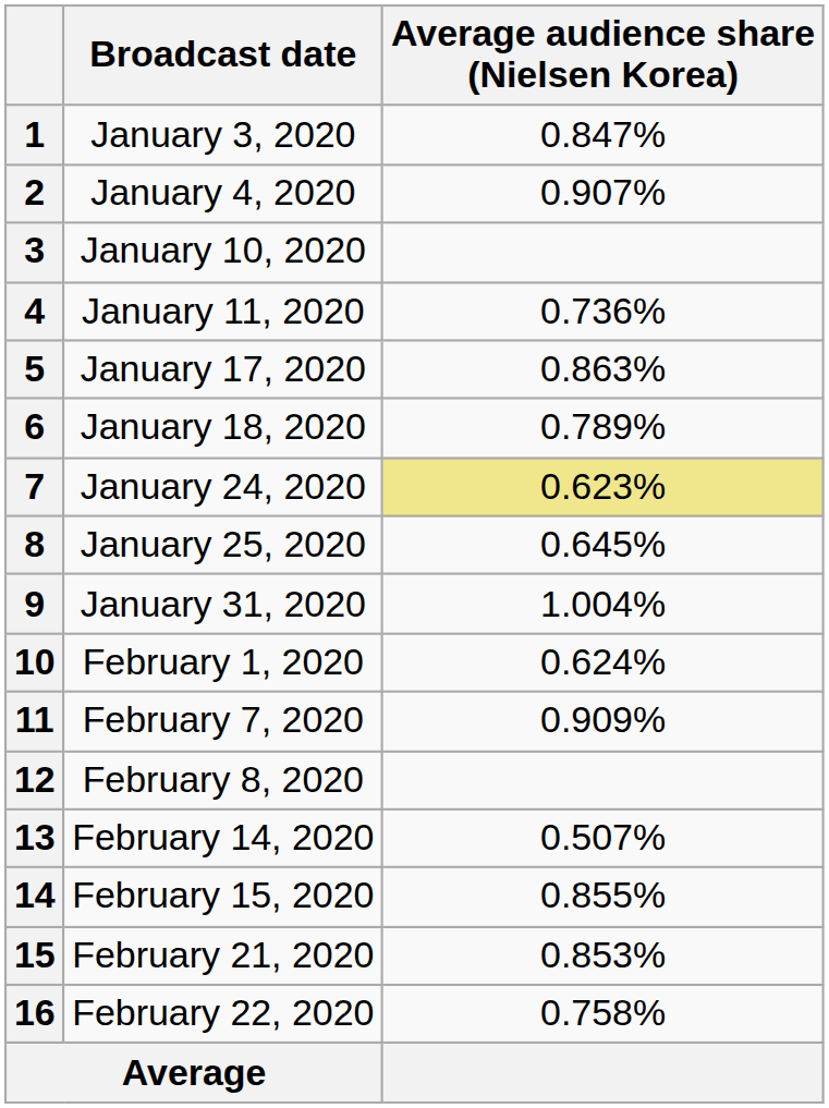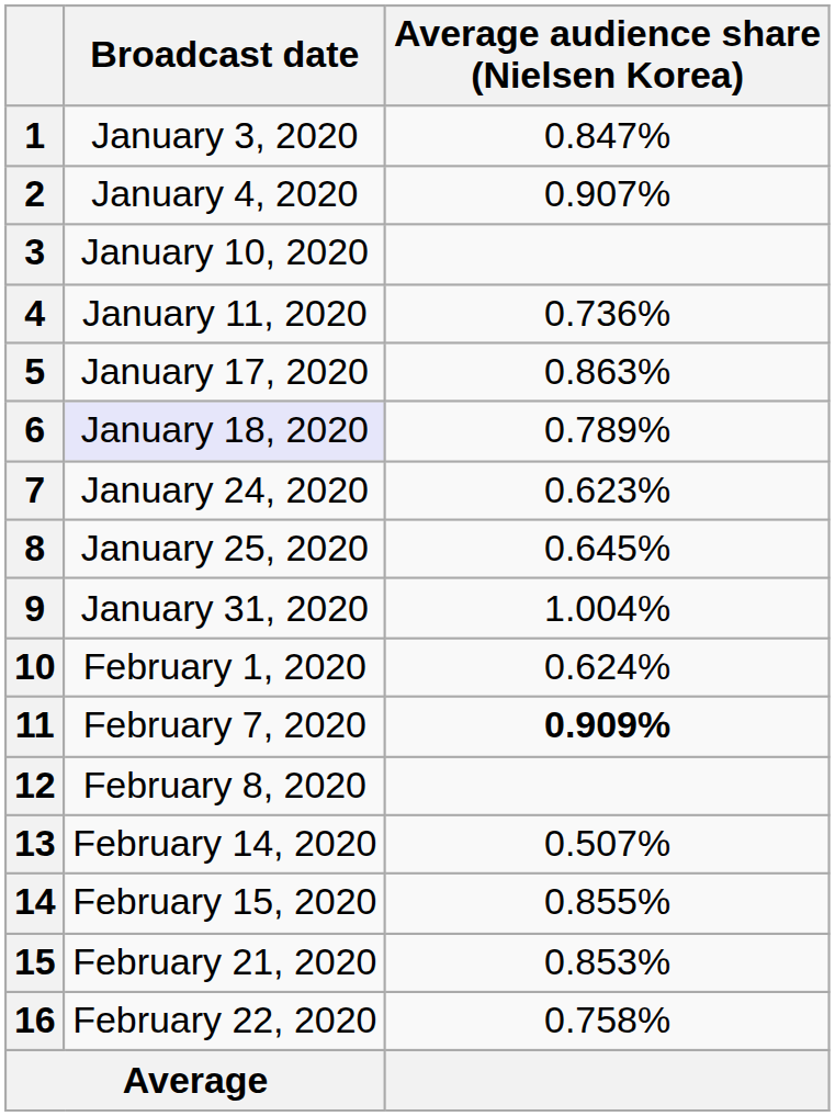 <table class="wikitable" style="text-align:center">
 <tr>
 <th></th>
 <th>Broadcast date</th>
 <th>Average audience share<br>(Nielsen Korea)</th>
 </tr>
 <tr>
 <th>1</th>
 <td>January 3, 2020</td>
 <td>0.847%</td>
 </tr>
 <tr>
 <th>2</th>
 <td>January 4, 2020</td>
 <td>0.907%</td>
 </tr>
 <tr>
 <th>3</th>
 <td>January 10, 2020</td>
 <td></td>
 </tr>
 <tr>
 <th>4</th>
 <td>January 11, 2020</td>
 <td>0.736%</td>
 </tr>
 <tr>
 <th>5</th>
 <td>January 17, 2020</td>
 <td>0.863%</td>
 </tr>
 <tr>
 <th>6</th>
-<td>January 18, 2020</td>
+<td style="background: lavender;">January 18, 2020</td>
 <td>0.789%</td>
 </tr>
 <tr>
 <th>7</th>
 <td>January 24, 2020</td>
-<td style="background: khaki;">0.623%</td>
+<td>0.623%</td>
 </tr>
 <tr>
 <th>8</th>
 <td>January 25, 2020</td>
 <td>0.645%</td>
 </tr>
 <tr>
 <th>9</th>
 <td>January 31, 2020</td>
 <td>1.004%</td>
 </tr>
 <tr>
 <th>10</th>
 <td>February 1, 2020</td>
 <td>0.624%</td>
 </tr>
 <tr>
 <th>11</th>
 <td>February 7, 2020</td>
-<td>0.909%</td>
+<td><strong>0.909%</strong></td>
 </tr>
 <tr>
 <th>12</th>
 <td>February 8, 2020</td>
 <td></td>
 </tr>
 <tr>
 <th>13</th>
 <td>February 14, 2020</td>
 <td>0.507%</td>
 </tr>
 <tr>
 <th>14</th>
 <td>February 15, 2020</td>
 <td>0.855%</td>
 </tr>
 <tr>
 <th>15</th>
 <td>February 21, 2020</td>
 <td>0.853%</td>
 </tr>
 <tr>
 <th>16</th>
 <td>February 22, 2020</td>
 <td>0.758%</td>
 </tr>
 <tr>
 <th colspan="2">Average</th>
 <th></th>
 </tr>
 </table>
